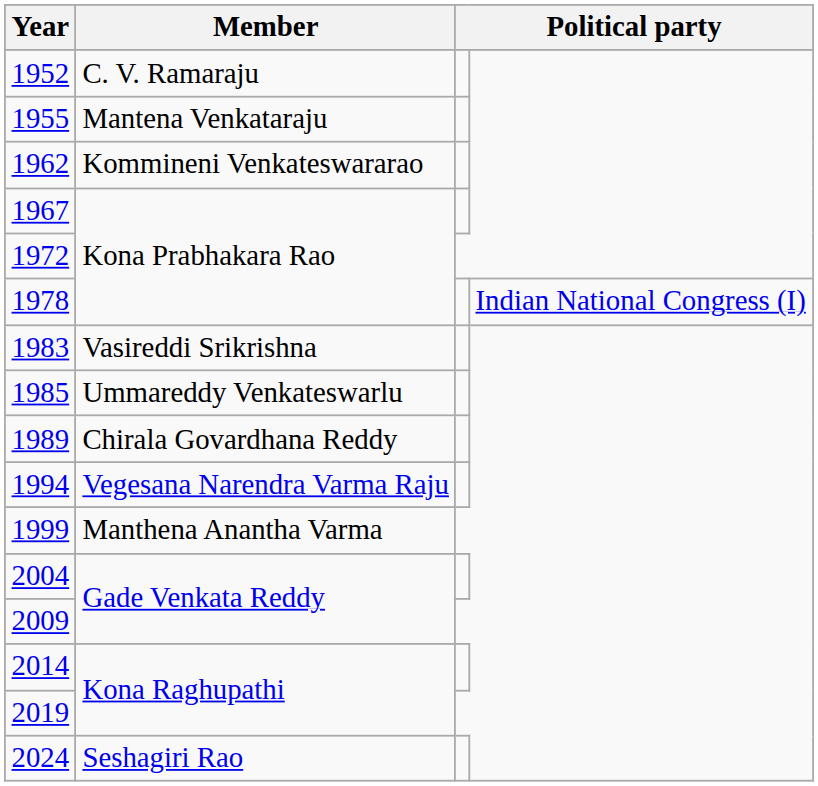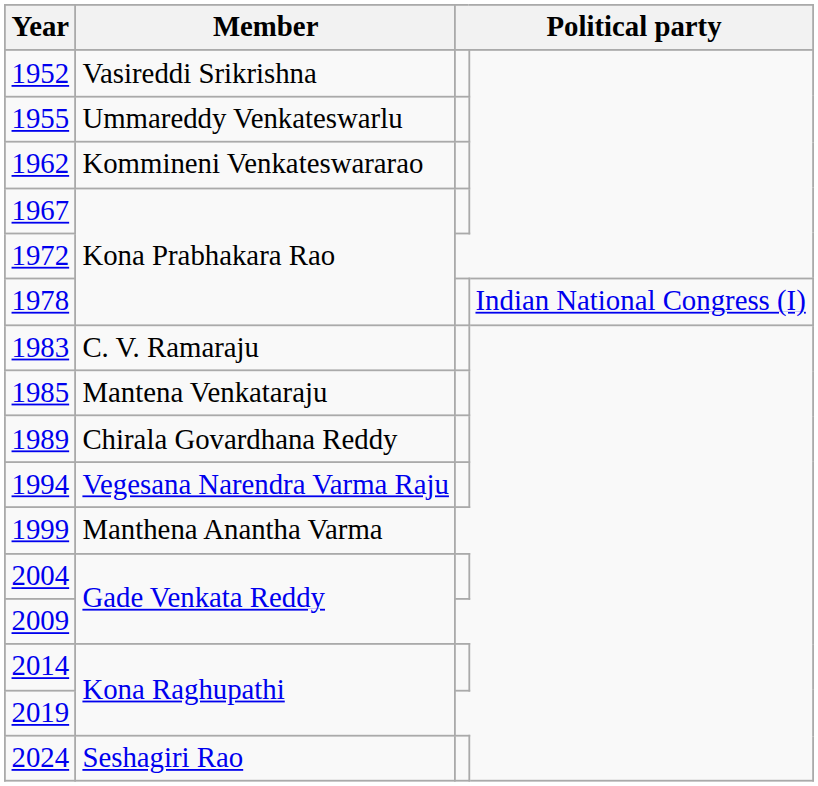 <table class="wikitable sortable">
 <tr>
 <th>Year</th>
 <th>Member</th>
 <th colspan="2">Political party</th>
 </tr>
 <tr>
 <td><a href='#'>1952</a></td>
-<td>C. V. Ramaraju</td>
+<td>Vasireddi Srikrishna</td>
 <td></td>
 </tr>
 <tr>
 <td><a href='#'>1955</a></td>
-<td>Mantena Venkataraju</td>
+<td>Ummareddy Venkateswarlu</td>
 <td></td>
 </tr>
 <tr>
 <td><a href='#'>1962</a></td>
 <td>Kommineni Venkateswararao</td>
 <td></td>
 </tr>
 <tr>
 <td><a href='#'>1967</a></td>
 <td rowspan=3>Kona Prabhakara Rao</td>
 <td></td>
 </tr>
 <tr>
 <td><a href='#'>1972</a></td>
 </tr>
 <tr>
 <td><a href='#'>1978</a></td>
 <td style="background-color: "></td>
 <td><a href='#'>Indian National Congress (I)</a></td>
 </tr>
 <tr>
 <td><a href='#'>1983</a></td>
-<td>Vasireddi Srikrishna</td>
+<td>C. V. Ramaraju</td>
 <td></td>
 </tr>
 <tr>
 <td><a href='#'>1985</a></td>
-<td>Ummareddy Venkateswarlu</td>
+<td>Mantena Venkataraju</td>
 <td></td>
 </tr>
 <tr>
 <td><a href='#'>1989</a></td>
 <td>Chirala Govardhana Reddy</td>
 <td></td>
 </tr>
 <tr>
 <td><a href='#'>1994</a></td>
 <td><a href='#'>Vegesana Narendra Varma Raju</a></td>
 <td></td>
 </tr>
 <tr>
 <td><a href='#'>1999</a></td>
 <td>Manthena Anantha Varma</td>
 </tr>
 <tr>
 <td><a href='#'>2004</a></td>
 <td rowspan=2><a href='#'>Gade Venkata Reddy</a></td>
 <td></td>
 </tr>
 <tr>
 <td><a href='#'>2009</a></td>
 </tr>
 <tr>
 <td><a href='#'>2014</a></td>
 <td rowspan=2><a href='#'>Kona Raghupathi</a></td>
 <td></td>
 </tr>
 <tr>
 <td><a href='#'>2019</a></td>
 </tr>
 <tr>
 <td><a href='#'>2024</a></td>
 <td><a href='#'>Seshagiri Rao</a></td>
 <td></td>
 </tr>
 </table>
